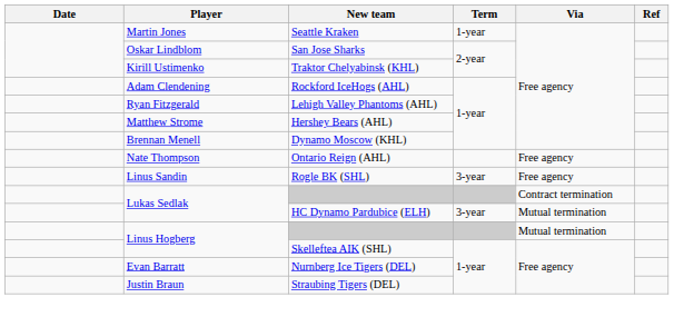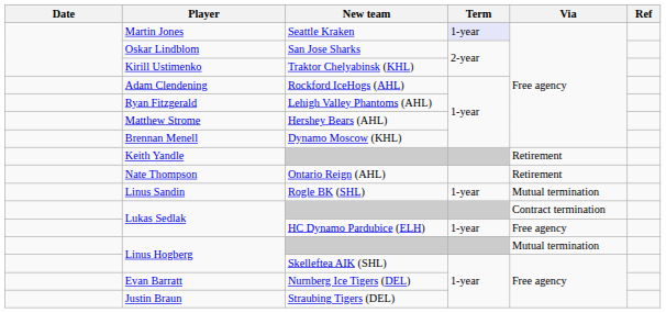 <table class="wikitable">
 <tr style="background:#ddd; text-align:center;">
 <th style="width: 10em;">Date</th>
 <th style="width: 14em;">Player</th>
 <th style="width: 14em;">New team</th>
 <th style="width: 5em;">Term</th>
 <th style="width: 10em;">Via</th>
 <th style="width: 2.5em;">Ref</th>
 </tr>
 <tr>
 <td rowspan=3></td>
 <td><a href='#'>Martin Jones</a></td>
 <td><a href='#'>Seattle Kraken</a></td>
-<td>1-year</td>
+<td style="background: lavender;">1-year</td>
 <td rowspan=7>Free agency</td>
 <td></td>
 </tr>
 <tr>
 <td><a href='#'>Oskar Lindblom</a></td>
 <td><a href='#'>San Jose Sharks</a></td>
 <td rowspan=2>2-year</td>
 <td></td>
 </tr>
 <tr>
 <td><a href='#'>Kirill Ustimenko</a></td>
 <td><a href='#'>Traktor Chelyabinsk</a> (<a href='#'>KHL</a>)</td>
 <td></td>
 </tr>
 <tr>
 <td></td>
 <td><a href='#'>Adam Clendening</a></td>
 <td><a href='#'>Rockford IceHogs</a> (<a href='#'>AHL</a>)</td>
 <td rowspan=4>1-year</td>
 <td></td>
 </tr>
 <tr>
 <td></td>
 <td><a href='#'>Ryan Fitzgerald</a></td>
 <td><a href='#'>Lehigh Valley Phantoms</a> (AHL)</td>
 <td></td>
 </tr>
 <tr>
 <td></td>
 <td><a href='#'>Matthew Strome</a></td>
 <td><a href='#'>Hershey Bears</a> (AHL)</td>
 <td></td>
 </tr>
 <tr>
 <td></td>
 <td><a href='#'>Brennan Menell</a></td>
 <td><a href='#'>Dynamo Moscow</a> (KHL)</td>
 <td></td>
 </tr>
 <tr>
 <td></td>
+<td><a href='#'>Keith Yandle</a></td>
+<td style="background:#ccc"></td>
+<td style="background:#ccc"></td>
+<td>Retirement</td>
+<td></td>
+</tr>
+<tr>
+<td></td>
 <td><a href='#'>Nate Thompson</a></td>
 <td><a href='#'>Ontario Reign</a> (AHL)</td>
 <td></td>
-<td>Free agency</td>
+<td>Retirement</td>
 <td></td>
 </tr>
 <tr>
 <td></td>
 <td><a href='#'>Linus Sandin</a></td>
 <td><a href='#'>Rogle BK</a> (<a href='#'>SHL</a>)</td>
-<td>3-year</td>
-<td>Free agency</td>
+<td>1-year</td>
+<td>Mutual termination</td>
 <td></td>
 </tr>
 <tr>
 <td></td>
 <td rowspan=2><a href='#'>Lukas Sedlak</a></td>
 <td style="background:#ccc;"></td>
 <td style="background:#ccc;"></td>
 <td>Contract termination</td>
 <td></td>
 </tr>
 <tr>
 <td></td>
 <td><a href='#'>HC Dynamo Pardubice</a> (<a href='#'>ELH</a>)</td>
-<td>3-year</td>
-<td>Mutual termination</td>
+<td>1-year</td>
+<td>Free agency</td>
 <td></td>
 </tr>
 <tr>
 <td></td>
 <td rowspan=2><a href='#'>Linus Hogberg</a></td>
 <td style="background:#ccc;"></td>
 <td style="background:#ccc;"></td>
 <td>Mutual termination</td>
 <td></td>
 </tr>
 <tr>
 <td></td>
 <td><a href='#'>Skelleftea AIK</a> (SHL)</td>
 <td rowspan=3>1-year</td>
 <td rowspan=3>Free agency</td>
 <td></td>
 </tr>
 <tr>
 <td></td>
 <td><a href='#'>Evan Barratt</a></td>
 <td><a href='#'>Nurnberg Ice Tigers</a> (<a href='#'>DEL</a>)</td>
 <td></td>
 </tr>
 <tr>
 <td></td>
 <td><a href='#'>Justin Braun</a></td>
 <td><a href='#'>Straubing Tigers</a> (DEL)</td>
 <td></td>
 </tr>
 </table>
